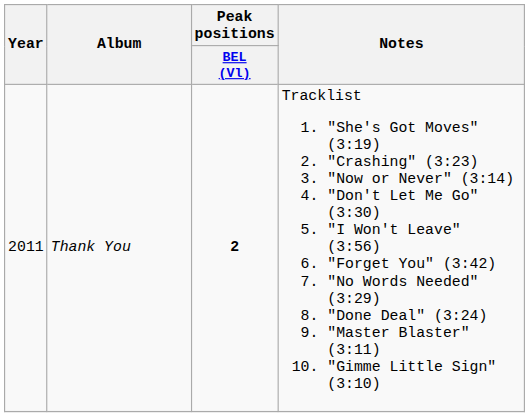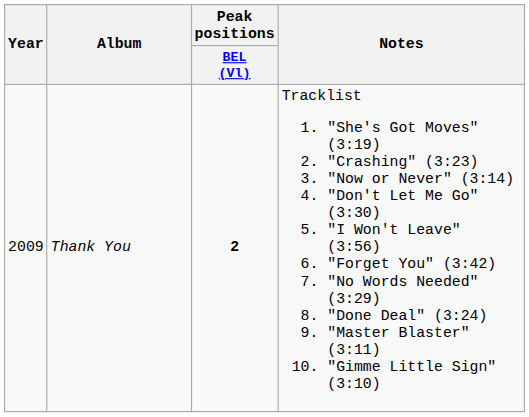 <table class="wikitable">
 <tr>
 <th align="center" rowspan="2" width="10">Year</th>
 <th align="center" rowspan="2" width="120">Album</th>
 <th align="center" colspan="1" width="20">Peak positions</th>
 <th align="center" rowspan="2" width="210">Notes</th>
 </tr>
 <tr>
 <th scope="col" style="width:3em;font-size:90%;"><a href='#'>BEL <br> (Vl)</a><br></th>
 </tr>
 <tr>
-<td style="text-align:center;">2011</td>
+<td style="text-align:center;">2009</td>
 <td><em>Thank You</em></td>
 <td style="text-align:center;"><strong>2</strong></td>
 <td>Tracklist<br><ol><li>"She's Got Moves" (3:19)</li><li>"Crashing" (3:23)</li><li>"Now or Never" (3:14)</li><li>"Don't Let Me Go" (3:30)</li><li>"I Won't Leave" (3:56)</li><li>"Forget You" (3:42)</li><li>"No Words Needed" (3:29)</li><li>"Done Deal" (3:24)</li><li>"Master Blaster" (3:11)</li><li>"Gimme Little Sign" (3:10)</li></ol></td>
 </tr>
 <tr>
 </tr>
 </table>
